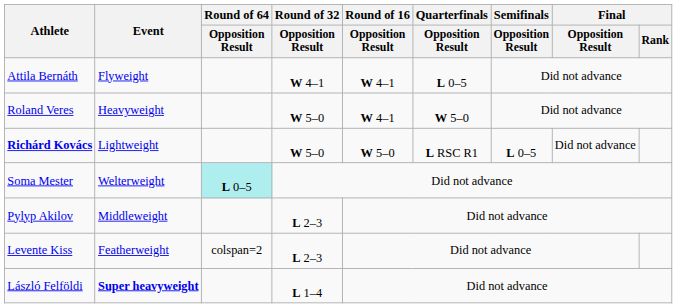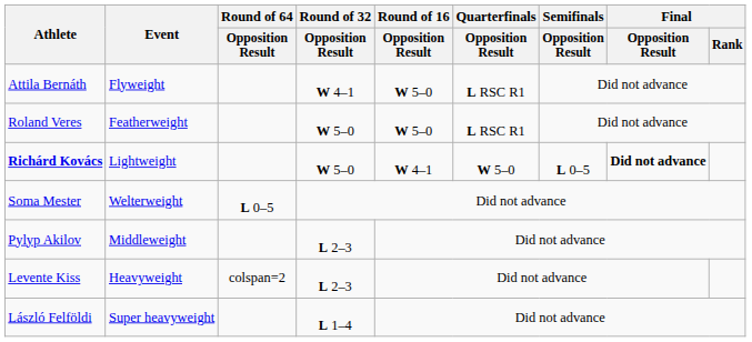 <table class="wikitable" style="font-size:90%">
 <tr>
 <th rowspan="2">Athlete</th>
 <th rowspan="2">Event</th>
 <th>Round of 64</th>
 <th>Round of 32</th>
 <th>Round of 16</th>
 <th>Quarterfinals</th>
 <th>Semifinals</th>
 <th colspan=2>Final</th>
 </tr>
 <tr style="font-size:95%">
 <th>Opposition<br>Result</th>
 <th>Opposition<br>Result</th>
 <th>Opposition<br>Result</th>
 <th>Opposition<br>Result</th>
 <th>Opposition<br>Result</th>
 <th>Opposition<br>Result</th>
 <th>Rank</th>
 </tr>
 <tr align=center>
 <td align=left><a href='#'>Attila Bernáth</a></td>
 <td align=left><a href='#'>Flyweight</a></td>
 <td></td>
 <td><br><strong>W</strong> 4–1</td>
-<td><br><strong>W</strong> 4–1</td>
-<td><br><strong>L</strong> 0–5</td>
+<td><br><strong>W</strong> 5–0</td>
+<td><br><strong>L</strong> RSC R1</td>
 <td colspan=3>Did not advance</td>
 </tr>
 <tr align=center>
 <td align=left><a href='#'>Roland Veres</a></td>
-<td align=left><a href='#'>Heavyweight</a></td>
+<td align=left><a href='#'>Featherweight</a></td>
 <td></td>
 <td><br><strong>W</strong> 5–0</td>
-<td><br><strong>W</strong> 4–1</td>
 <td><br><strong>W</strong> 5–0</td>
+<td><br><strong>L</strong> RSC R1</td>
 <td colspan=3>Did not advance</td>
 </tr>
 <tr align=center>
 <td align=left><strong><a href='#'>Richárd Kovács</a></strong></td>
 <td align=left><a href='#'>Lightweight</a></td>
 <td></td>
 <td><br><strong>W</strong> 5–0</td>
+<td><br><strong>W</strong> 4–1</td>
 <td><br><strong>W</strong> 5–0</td>
-<td><br><strong>L</strong> RSC R1</td>
 <td><br><strong>L</strong> 0–5</td>
-<td>Did not advance</td>
+<td><strong>Did not advance</strong></td>
 <td></td>
 </tr>
 <tr align=center>
 <td align=left><a href='#'>Soma Mester</a></td>
 <td align=left><a href='#'>Welterweight</a></td>
-<td style="background: paleturquoise;"><br><strong>L</strong> 0–5</td>
+<td><br><strong>L</strong> 0–5</td>
 <td colspan=6>Did not advance</td>
 </tr>
 <tr align=center>
 <td align=left><a href='#'>Pylyp Akilov</a></td>
 <td align=left><a href='#'>Middleweight</a></td>
 <td></td>
 <td><br><strong>L</strong> 2–3</td>
 <td colspan=5>Did not advance</td>
 </tr>
 <tr align=center>
 <td align=left><a href='#'>Levente Kiss</a></td>
-<td align=left><a href='#'>Featherweight</a></td>
+<td align=left><a href='#'>Heavyweight</a></td>
 <td>colspan=2 </td>
 <td><br><strong>L</strong> 2–3</td>
 <td colspan=4>Did not advance</td>
 </tr>
 <tr align=center>
 <td align=left><a href='#'>László Felföldi</a></td>
-<td align=left><strong><a href='#'>Super heavyweight</a></strong></td>
+<td align=left><a href='#'>Super heavyweight</a></td>
 <td></td>
 <td><br><strong>L</strong> 1–4</td>
 <td colspan=5>Did not advance</td>
 </tr>
 </table>
